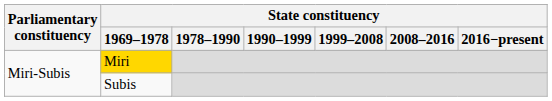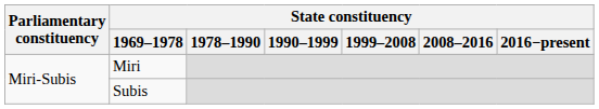 <table class="wikitable">
 <tr>
 <th rowspan="2">Parliamentary<br>constituency</th>
 <th colspan="6">State constituency</th>
 </tr>
 <tr>
 <th>1969–1978</th>
 <th>1978–1990</th>
 <th>1990–1999</th>
 <th>1999–2008</th>
 <th>2008–2016</th>
 <th>2016−present</th>
 </tr>
 <tr>
 <td rowspan="2">Miri-Subis</td>
-<td style="background: gold;">Miri</td>
+<td>Miri</td>
 <td colspan="5" bgcolor="dcdcdc"></td>
 </tr>
 <tr>
 <td>Subis</td>
 <td colspan="5" bgcolor="dcdcdc"></td>
 </tr>
 </table>
